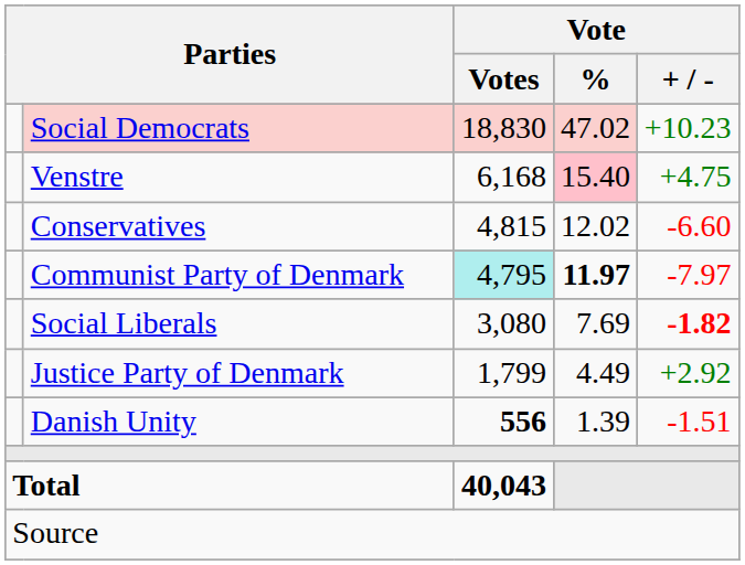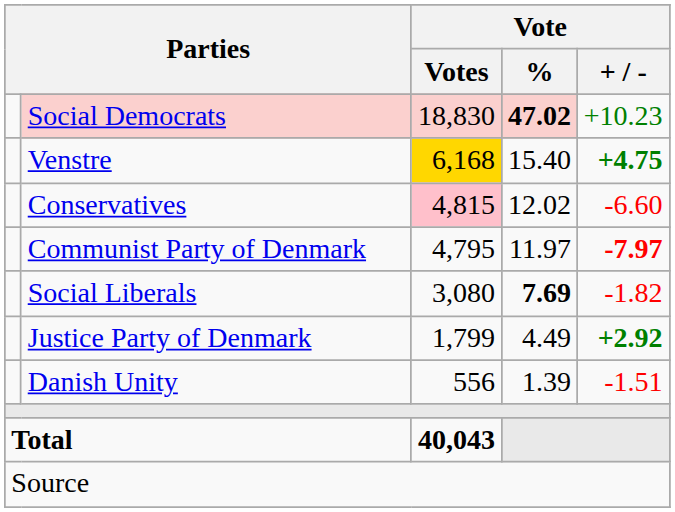 <table class="wikitable" style="text-align:right;">
 <tr>
 <th style="text-align:centre;" rowspan="2" colspan="2" width="225">Parties</th>
 <th colspan="3">Vote</th>
 </tr>
 <tr>
 <th width="15">Votes</th>
 <th width="15">%</th>
 <th width="15">+ / -</th>
 </tr>
 <tr>
 <td width="2" style="color:inherit;background:"></td>
 <td bgcolor=#fbd0ce  align="left"><a href='#'>Social Democrats</a></td>
 <td bgcolor=#fbd0ce>18,830</td>
-<td bgcolor=#fbd0ce>47.02</td>
+<td bgcolor=#fbd0ce><strong>47.02</strong></td>
 <td style=color:green;>+10.23</td>
 </tr>
 <tr>
 <td width="2" style="color:inherit;background:"></td>
 <td align="left"><a href='#'>Venstre</a></td>
-<td>6,168</td>
-<td style="background: pink;">15.40</td>
-<td style=color:green;>+4.75</td>
+<td style="background: gold;">6,168</td>
+<td>15.40</td>
+<td style=color:green;><strong>+4.75</strong></td>
 </tr>
 <tr>
 <td width="2" style="color:inherit;background:"></td>
 <td align="left"><a href='#'>Conservatives</a></td>
-<td>4,815</td>
+<td style="background: pink;">4,815</td>
 <td>12.02</td>
 <td style=color:red;>-6.60</td>
 </tr>
 <tr>
 <td width="2" style="color:inherit;background:"></td>
 <td align="left"><a href='#'>Communist Party of Denmark</a></td>
-<td style="background: paleturquoise;">4,795</td>
-<td><strong>11.97</strong></td>
-<td style=color:red;>-7.97</td>
+<td>4,795</td>
+<td>11.97</td>
+<td style=color:red;><strong>-7.97</strong></td>
 </tr>
 <tr>
 <td width="2" style="color:inherit;background:"></td>
 <td align="left"><a href='#'>Social Liberals</a></td>
 <td>3,080</td>
-<td>7.69</td>
-<td style=color:red;><strong>-1.82</strong></td>
+<td><strong>7.69</strong></td>
+<td style=color:red;>-1.82</td>
 </tr>
 <tr>
 <td width="2" style="color:inherit;background:"></td>
 <td align="left"><a href='#'>Justice Party of Denmark</a></td>
 <td>1,799</td>
 <td>4.49</td>
-<td style=color:green;>+2.92</td>
+<td style=color:green;><strong>+2.92</strong></td>
 </tr>
 <tr>
 <td width="2" style="color:inherit;background:"></td>
 <td align="left"><a href='#'>Danish Unity</a></td>
-<td><strong>556</strong></td>
+<td>556</td>
 <td>1.39</td>
 <td style=color:red;>-1.51</td>
 </tr>
 <tr>
 <td colspan="7" bgcolor="#E9E9E9"></td>
 </tr>
 <tr>
 <td align="left" colspan="2"><strong>Total</strong></td>
 <td><strong>40,043</strong></td>
 <td bgcolor="#E9E9E9" colspan="2"></td>
 </tr>
 <tr>
 <td align="left" colspan="6">Source</td>
 </tr>
 </table>
